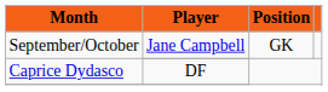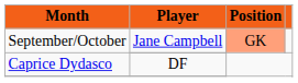 <table class=wikitable style="text-align: center">
 <tr>
 <th style="background:#f36018; color:black;">Month</th>
 <th style="background:#f36018; color:black;">Player</th>
 <th style="background:#f36018; color:black;">Position</th>
 <th style="background:#f36018; color:black;"></th>
 </tr>
 <tr>
 <td rowspan="2">September/October</td>
 <td align=left> <a href='#'>Jane Campbell</a></td>
-<td>GK</td>
+<td style="background: lightsalmon;">GK</td>
 <td rowspan="2"></td>
 </tr>
 <tr>
 </tr>
 <tr>
 <td align=left> <a href='#'>Caprice Dydasco</a></td>
 <td>DF</td>
 </tr>
 <tr>
 </tr>
 </table>
